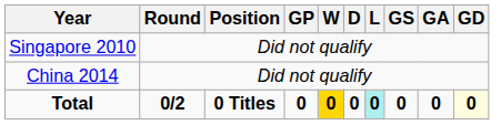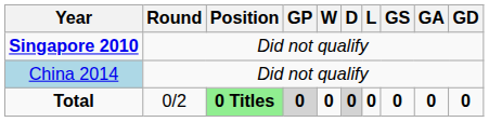 <table class="wikitable" style="text-align: center;">
 <tr>
 <th>Year</th>
 <th>Round</th>
 <th>Position</th>
 <th>GP</th>
 <th>W</th>
 <th>D</th>
 <th>L</th>
 <th>GS</th>
 <th>GA</th>
 <th>GD</th>
 </tr>
 <tr>
-<td><a href='#'>Singapore 2010</a></td>
+<td><strong><a href='#'>Singapore 2010</a></strong></td>
 <td colspan="9"><em>Did not qualify</em></td>
 </tr>
 <tr>
-<td><a href='#'>China 2014</a></td>
+<td style="background: lightblue;"><a href='#'>China 2014</a></td>
 <td colspan="9"><em>Did not qualify</em></td>
 </tr>
 <tr>
 <td><strong>Total</strong></td>
-<td><strong>0/2</strong></td>
-<td><strong>0 Titles</strong></td>
+<td>0/2</td>
+<td style="background: lightgreen;"><strong>0 Titles</strong></td>
+<td style="background: lightgrey;"><strong>0</strong></td>
 <td><strong>0</strong></td>
-<td style="background: gold;"><strong>0</strong></td>
-<td><strong>0</strong></td>
-<td style="background: paleturquoise;"><strong>0</strong></td>
+<td style="background: lightgrey;"><strong>0</strong></td>
 <td><strong>0</strong></td>
 <td><strong>0</strong></td>
-<td style="background: lightyellow;"><strong>0</strong></td>
+<td><strong>0</strong></td>
+<td><strong>0</strong></td>
 </tr>
 </table>
